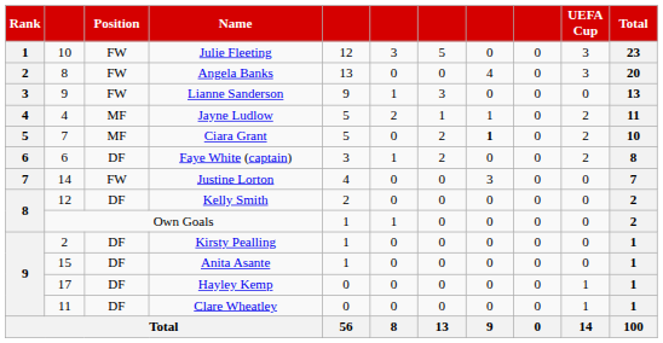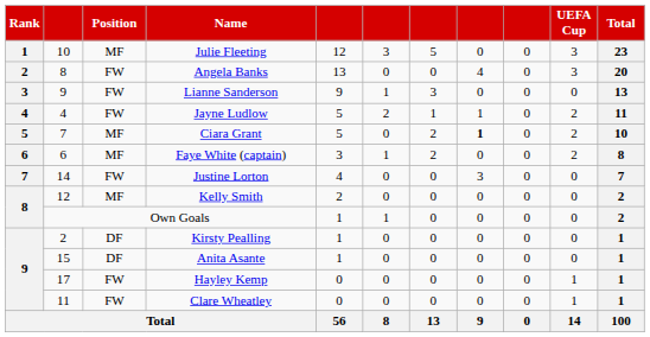 <table class="wikitable" style="text-align:center; font-size:100%; ">
 <tr>
 <th style="background:#d50000; color:white; text-align:center; width:40px">Rank</th>
 <th style="background:#d50000; color:white; text-align:center; width:40px"></th>
 <th style="background:#d50000; color:white; text-align:center; width:70px">Position</th>
 <th style="background:#d50000; color:white; text-align:center; width:200px">Name</th>
 <th style="background:#d50000; color:white; text-align:center; width:50px;"></th>
 <th style="background:#d50000; color:white; text-align:center; width:50px;"></th>
 <th style="background:#d50000; color:white; text-align:center; width:50px;"></th>
 <th style="background:#d50000; color:white; text-align:center; width:50px;"></th>
 <th style="background:#d50000; color:white; text-align:center; width:50px;"></th>
 <th style="background:#d50000; color:white; text-align:center; width:50px;">UEFA Cup</th>
 <th style="background:#d50000; color:white; text-align:center; width:50px;">Total</th>
 </tr>
 <tr>
 <th>1</th>
 <td>10</td>
-<td>FW</td>
+<td>MF</td>
 <td> <a href='#'>Julie Fleeting</a></td>
 <td>12</td>
 <td>3</td>
 <td>5</td>
 <td>0</td>
 <td>0</td>
 <td>3</td>
 <th>23</th>
 </tr>
 <tr>
 <th>2</th>
 <td>8</td>
 <td>FW</td>
 <td> <a href='#'>Angela Banks</a></td>
 <td>13</td>
 <td>0</td>
 <td>0</td>
 <td>4</td>
 <td>0</td>
 <td>3</td>
 <th>20</th>
 </tr>
 <tr>
 <th>3</th>
 <td>9</td>
 <td>FW</td>
 <td> <a href='#'>Lianne Sanderson</a></td>
 <td>9</td>
 <td>1</td>
 <td>3</td>
 <td>0</td>
 <td>0</td>
 <td>0</td>
 <th>13</th>
 </tr>
 <tr>
 <th>4</th>
 <td>4</td>
-<td>MF</td>
+<td>FW</td>
 <td> <a href='#'>Jayne Ludlow</a></td>
 <td>5</td>
 <td>2</td>
 <td>1</td>
 <td>1</td>
 <td>0</td>
 <td>2</td>
 <th>11</th>
 </tr>
 <tr>
 <th>5</th>
 <td>7</td>
 <td>MF</td>
 <td> <a href='#'>Ciara Grant</a></td>
 <td>5</td>
 <td>0</td>
 <td>2</td>
 <td><strong>1</strong></td>
 <td>0</td>
 <td>2</td>
 <th>10</th>
 </tr>
 <tr>
 <th>6</th>
 <td>6</td>
-<td>DF</td>
+<td>MF</td>
 <td> <a href='#'>Faye White</a> (<a href='#'>captain</a>)</td>
 <td>3</td>
 <td>1</td>
 <td>2</td>
 <td>0</td>
 <td>0</td>
 <td>2</td>
 <th>8</th>
 </tr>
 <tr>
 <th>7</th>
 <td>14</td>
 <td>FW</td>
 <td> <a href='#'>Justine Lorton</a></td>
 <td>4</td>
 <td>0</td>
 <td>0</td>
 <td>3</td>
 <td>0</td>
 <td>0</td>
 <th>7</th>
 </tr>
 <tr>
 <th rowspan="2">8</th>
 <td>12</td>
-<td>DF</td>
+<td>MF</td>
 <td> <a href='#'>Kelly Smith</a></td>
 <td>2</td>
 <td>0</td>
 <td>0</td>
 <td>0</td>
 <td>0</td>
 <td>0</td>
 <th>2</th>
 </tr>
 <tr>
 <td colspan="3">Own Goals</td>
 <td>1</td>
 <td>1</td>
 <td>0</td>
 <td>0</td>
 <td>0</td>
 <td>0</td>
 <th>2</th>
 </tr>
 <tr>
 <th rowspan="4">9</th>
 <td>2</td>
 <td>DF</td>
 <td> <a href='#'>Kirsty Pealling</a></td>
 <td>1</td>
 <td>0</td>
 <td>0</td>
 <td>0</td>
 <td>0</td>
 <td>0</td>
 <th>1</th>
 </tr>
 <tr>
 <td>15</td>
 <td>DF</td>
 <td> <a href='#'>Anita Asante</a></td>
 <td>1</td>
 <td>0</td>
 <td>0</td>
 <td>0</td>
 <td>0</td>
 <td>0</td>
 <th>1</th>
 </tr>
 <tr>
 <td>17</td>
-<td>DF</td>
+<td>FW</td>
 <td> <a href='#'>Hayley Kemp</a></td>
 <td>0</td>
 <td>0</td>
 <td>0</td>
 <td>0</td>
 <td>0</td>
 <td>1</td>
 <th>1</th>
 </tr>
 <tr>
 <td>11</td>
-<td>DF</td>
+<td>FW</td>
 <td> <a href='#'>Clare Wheatley</a></td>
 <td>0</td>
 <td>0</td>
 <td>0</td>
 <td>0</td>
 <td>0</td>
 <td>1</td>
 <th>1</th>
 </tr>
 <tr>
 <th colspan="4">Total</th>
 <th>56</th>
 <th>8</th>
 <th>13</th>
 <th>9</th>
 <th>0</th>
 <th>14</th>
 <th>100</th>
 </tr>
 </table>
